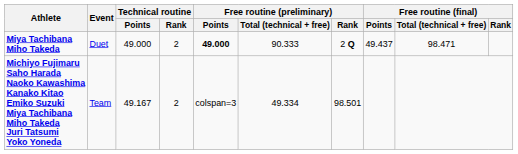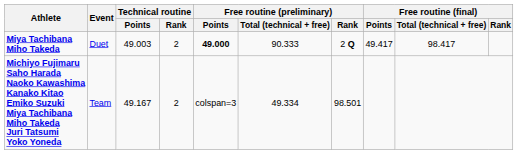 <table class="wikitable" style="font-size:90%">
 <tr>
 <th rowspan="2">Athlete</th>
 <th rowspan="2">Event</th>
 <th colspan=2>Technical routine</th>
 <th colspan=3>Free routine (preliminary)</th>
 <th colspan=3>Free routine (final)</th>
 </tr>
 <tr style="font-size:95%">
 <th>Points</th>
 <th>Rank</th>
 <th>Points</th>
 <th>Total (technical + free)</th>
 <th>Rank</th>
 <th>Points</th>
 <th>Total (technical + free)</th>
 <th>Rank</th>
 </tr>
 <tr align=center>
 <td align=left><strong><a href='#'>Miya Tachibana</a><br><a href='#'>Miho Takeda</a></strong></td>
 <td align=left><a href='#'>Duet</a></td>
-<td>49.000</td>
+<td>49.003</td>
 <td>2</td>
 <td><strong>49.000</strong></td>
 <td>90.333</td>
 <td>2 <strong>Q</strong></td>
-<td>49.437</td>
-<td>98.471</td>
+<td>49.417</td>
+<td>98.417</td>
 <td></td>
 </tr>
 <tr align=center>
 <td align=left><strong><a href='#'>Michiyo Fujimaru</a><br><a href='#'>Saho Harada</a><br><a href='#'>Naoko Kawashima</a><br><a href='#'>Kanako Kitao</a><br><a href='#'>Emiko Suzuki</a><br><a href='#'>Miya Tachibana</a><br><a href='#'>Miho Takeda</a><br><a href='#'>Juri Tatsumi</a><br><a href='#'>Yoko Yoneda</a></strong></td>
 <td align=left><a href='#'>Team</a></td>
 <td>49.167</td>
 <td>2</td>
 <td>colspan=3 </td>
 <td>49.334</td>
 <td>98.501</td>
 <td></td>
 </tr>
 </table>
